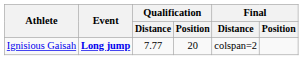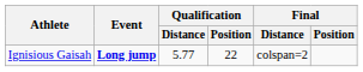 <table class=wikitable style="font-size:90%">
 <tr>
 <th rowspan="2">Athlete</th>
 <th rowspan="2">Event</th>
 <th colspan="2">Qualification</th>
 <th colspan="2">Final</th>
 </tr>
 <tr style="font-size:95%">
 <th>Distance</th>
 <th>Position</th>
 <th>Distance</th>
 <th>Position</th>
 </tr>
 <tr style=text-align:center>
 <td style=text-align:left><a href='#'>Ignisious Gaisah</a></td>
 <td style=text-align:left><strong><a href='#'>Long jump</a></strong></td>
-<td>7.77</td>
-<td>20</td>
+<td>5.77</td>
+<td>22</td>
 <td>colspan=2 </td>
 </tr>
 </table>
